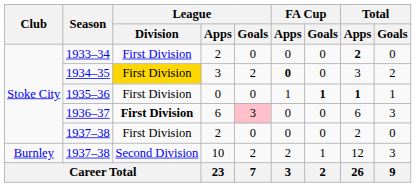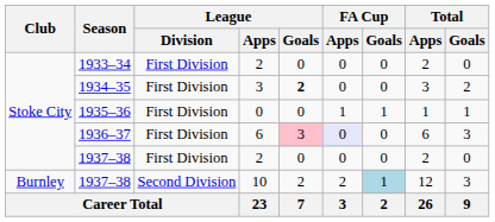 <table class="wikitable" style="text-align: center;">
 <tr>
 <th rowspan="2">Club</th>
 <th rowspan="2">Season</th>
 <th colspan="3">League</th>
 <th colspan="2">FA Cup</th>
 <th colspan="2">Total</th>
 </tr>
 <tr>
 <th>Division</th>
 <th>Apps</th>
 <th>Goals</th>
 <th>Apps</th>
 <th>Goals</th>
 <th>Apps</th>
 <th>Goals</th>
 </tr>
 <tr>
 <td rowspan="5"><a href='#'>Stoke City</a></td>
 <td><a href='#'>1933–34</a></td>
 <td><a href='#'>First Division</a></td>
 <td>2</td>
 <td>0</td>
 <td>0</td>
 <td>0</td>
-<td><strong>2</strong></td>
+<td>2</td>
 <td>0</td>
 </tr>
 <tr>
 <td><a href='#'>1934–35</a></td>
-<td style="background: gold;">First Division</td>
+<td>First Division</td>
 <td>3</td>
-<td>2</td>
-<td><strong>0</strong></td>
+<td><strong>2</strong></td>
+<td>0</td>
 <td>0</td>
 <td>3</td>
 <td>2</td>
 </tr>
 <tr>
 <td><a href='#'>1935–36</a></td>
 <td>First Division</td>
 <td>0</td>
 <td>0</td>
 <td>1</td>
-<td><strong>1</strong></td>
-<td><strong>1</strong></td>
+<td>1</td>
+<td>1</td>
 <td>1</td>
 </tr>
 <tr>
 <td><a href='#'>1936–37</a></td>
-<td><strong>First Division</strong></td>
+<td>First Division</td>
 <td>6</td>
 <td style="background: pink;">3</td>
-<td>0</td>
+<td style="background: lavender;">0</td>
 <td>0</td>
 <td>6</td>
 <td>3</td>
 </tr>
 <tr>
 <td><a href='#'>1937–38</a></td>
 <td>First Division</td>
 <td>2</td>
 <td>0</td>
 <td>0</td>
 <td>0</td>
 <td>2</td>
 <td>0</td>
 </tr>
 <tr>
 <td><a href='#'>Burnley</a></td>
 <td><a href='#'>1937–38</a></td>
 <td><a href='#'>Second Division</a></td>
 <td>10</td>
 <td>2</td>
 <td>2</td>
-<td>1</td>
+<td style="background: lightblue;">1</td>
 <td>12</td>
 <td>3</td>
 </tr>
 <tr>
 <th colspan="3">Career Total</th>
 <th>23</th>
 <th>7</th>
 <th>3</th>
 <th>2</th>
 <th>26</th>
 <th>9</th>
 </tr>
 </table>
